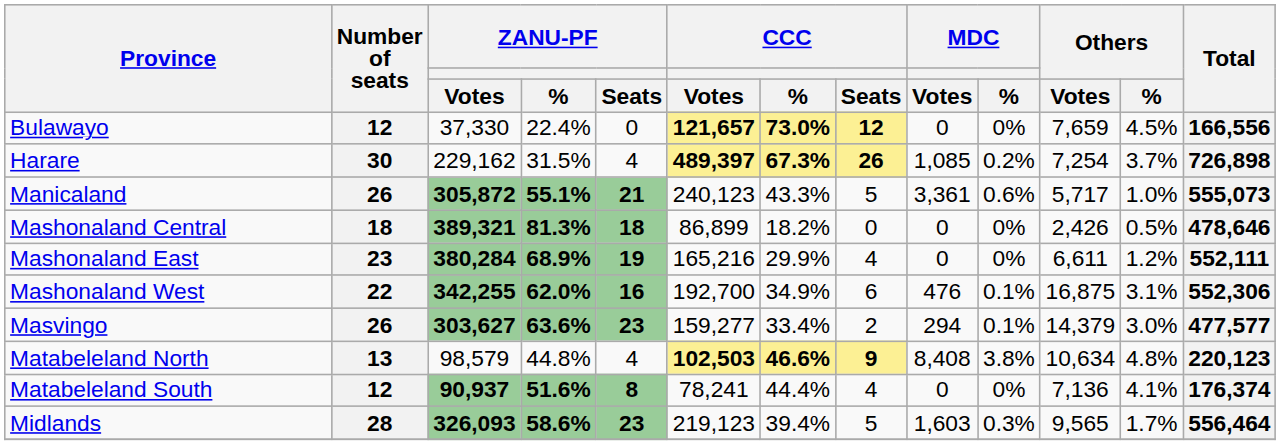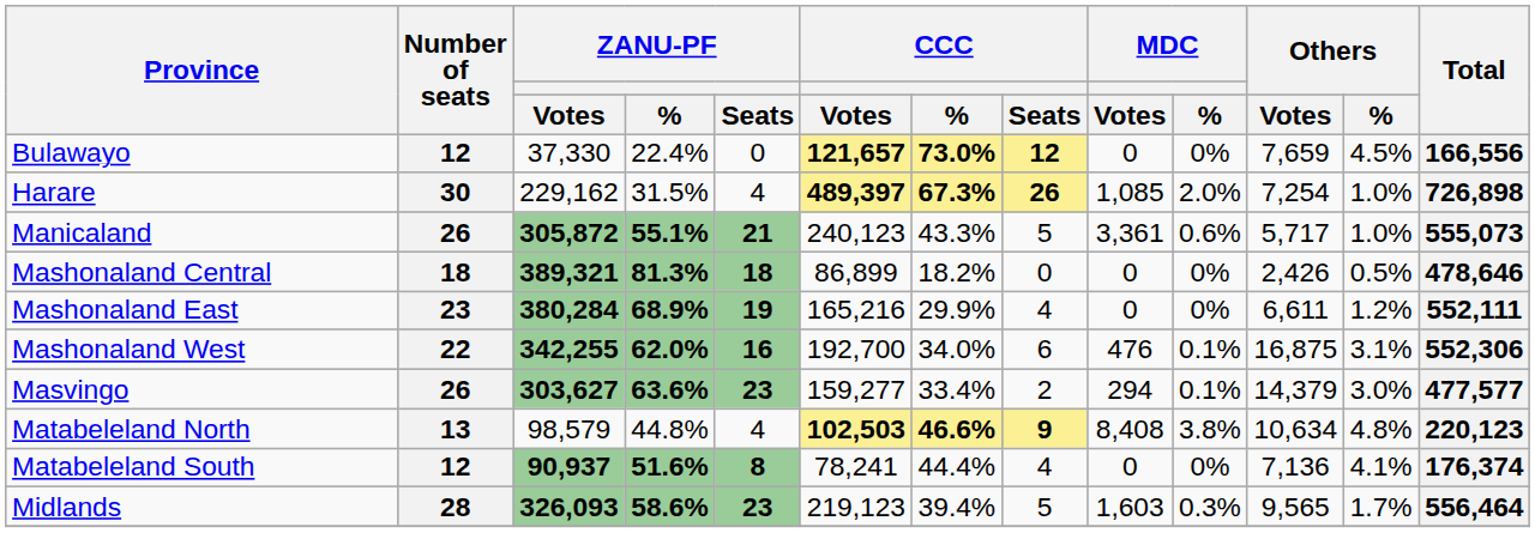 <table class="wikitable sortable sort-under" style="text-align:center;font-size:90%;line-height:14px">
 <tr style="height:40px;">
 <th style="width:200px;" rowspan="3"><a href='#'>Province</a></th>
 <th style="width:40px;"  rowspan="3">Number of<br>seats</th>
 <th style="width:40px;"  colspan="3"><a href='#'>ZANU-PF</a></th>
 <th style="width:40px;"  colspan="3"><a href='#'>CCC</a></th>
 <th style="width:40px;"  colspan="2"><a href='#'>MDC</a></th>
 <th style="width:40px;" colspan="2" rowspan="2">Others</th>
 <th style="width:40px;" rowspan="3">Total</th>
 </tr>
 <tr>
 <th colspan="3" style="background:"></th>
 <th colspan="3" style="background:"></th>
 <th colspan="2" style="background:"></th>
 </tr>
 <tr>
 <th>Votes</th>
 <th>%</th>
 <th>Seats</th>
 <th>Votes</th>
 <th>%</th>
 <th>Seats</th>
 <th>Votes</th>
 <th>%</th>
 <th>Votes</th>
 <th>%</th>
 </tr>
 <tr>
 <td align="left"><a href='#'>Bulawayo</a></td>
 <th>12</th>
 <td>37,330</td>
 <td>22.4%</td>
 <td>0</td>
 <th style="background:#fcf094;"><strong>121,657</strong></th>
 <th style="background:#fcf094;"><strong>73.0%</strong></th>
 <th style="background:#fcf094;"><strong>12</strong></th>
 <td>0</td>
 <td>0%</td>
 <td>7,659</td>
 <td>4.5%</td>
 <th>166,556</th>
 </tr>
 <tr>
 <td align="left"><a href='#'>Harare</a></td>
 <th>30</th>
 <td>229,162</td>
 <td>31.5%</td>
 <td>4</td>
 <th style="background:#fcf094;"><strong>489,397</strong></th>
 <th style="background:#fcf094;"><strong>67.3%</strong></th>
 <th style="background:#fcf094;"><strong>26</strong></th>
 <td>1,085</td>
-<td>0.2%</td>
+<td>2.0%</td>
 <td>7,254</td>
-<td>3.7%</td>
+<td>1.0%</td>
 <th>726,898</th>
 </tr>
 <tr>
 <td align="left"><a href='#'>Manicaland</a></td>
 <th>26</th>
 <th style="background:#99cc99;"><strong>305,872</strong></th>
 <th style="background:#99cc99;"><strong>55.1%</strong></th>
 <th style="background:#99cc99;"><strong>21</strong></th>
 <td>240,123</td>
 <td>43.3%</td>
 <td>5</td>
 <td>3,361</td>
 <td>0.6%</td>
 <td>5,717</td>
 <td>1.0%</td>
 <th>555,073</th>
 </tr>
 <tr>
 <td align="left"><a href='#'>Mashonaland Central</a></td>
 <th>18</th>
 <th style="background:#99cc99;"><strong>389,321</strong></th>
 <th style="background:#99cc99;"><strong>81.3%</strong></th>
 <th style="background:#99cc99;"><strong>18</strong></th>
 <td>86,899</td>
 <td>18.2%</td>
 <td>0</td>
 <td>0</td>
 <td>0%</td>
 <td>2,426</td>
 <td>0.5%</td>
 <th>478,646</th>
 </tr>
 <tr>
 <td align="left"><a href='#'>Mashonaland East</a></td>
 <th>23</th>
 <th style="background:#99cc99;"><strong>380,284</strong></th>
 <th style="background:#99cc99;"><strong>68.9%</strong></th>
 <th style="background:#99cc99;"><strong>19</strong></th>
 <td>165,216</td>
 <td>29.9%</td>
 <td>4</td>
 <td>0</td>
 <td>0%</td>
 <td>6,611</td>
 <td>1.2%</td>
 <th>552,111</th>
 </tr>
 <tr>
 <td align="left"><a href='#'>Mashonaland West</a></td>
 <th>22</th>
 <th style="background:#99cc99;"><strong>342,255</strong></th>
 <th style="background:#99cc99;"><strong>62.0%</strong></th>
 <th style="background:#99cc99;"><strong>16</strong></th>
 <td>192,700</td>
-<td>34.9%</td>
+<td>34.0%</td>
 <td>6</td>
 <td>476</td>
 <td>0.1%</td>
 <td>16,875</td>
 <td>3.1%</td>
 <th>552,306</th>
 </tr>
 <tr>
 <td align="left"><a href='#'>Masvingo</a></td>
 <th>26</th>
 <th style="background:#99cc99;"><strong>303,627</strong></th>
 <th style="background:#99cc99;"><strong>63.6%</strong></th>
 <th style="background:#99cc99;"><strong>23</strong></th>
 <td>159,277</td>
 <td>33.4%</td>
 <td>2</td>
 <td>294</td>
 <td>0.1%</td>
 <td>14,379</td>
 <td>3.0%</td>
 <th>477,577</th>
 </tr>
 <tr>
 <td align="left"><a href='#'>Matabeleland North</a></td>
 <th>13</th>
 <td>98,579</td>
 <td>44.8%</td>
 <td>4</td>
 <th style="background:#fcf094;"><strong>102,503</strong></th>
 <th style="background:#fcf094;"><strong>46.6%</strong></th>
 <th style="background:#fcf094;"><strong>9</strong></th>
 <td>8,408</td>
 <td>3.8%</td>
 <td>10,634</td>
 <td>4.8%</td>
 <th>220,123</th>
 </tr>
 <tr>
 <td align="left"><a href='#'>Matabeleland South</a></td>
 <th>12</th>
 <th style="background:#99cc99;"><strong>90,937</strong></th>
 <th style="background:#99cc99;"><strong>51.6%</strong></th>
 <th style="background:#99cc99;"><strong>8</strong></th>
 <td>78,241</td>
 <td>44.4%</td>
 <td>4</td>
 <td>0</td>
 <td>0%</td>
 <td>7,136</td>
 <td>4.1%</td>
 <th>176,374</th>
 </tr>
 <tr>
 <td align="left"><a href='#'>Midlands</a></td>
 <th>28</th>
 <th style="background:#99cc99;"><strong>326,093</strong></th>
 <th style="background:#99cc99;"><strong>58.6%</strong></th>
 <th style="background:#99cc99;"><strong>23</strong></th>
 <td>219,123</td>
 <td>39.4%</td>
 <td>5</td>
 <td>1,603</td>
 <td>0.3%</td>
 <td>9,565</td>
 <td>1.7%</td>
 <th>556,464</th>
 </tr>
 <tr>
 </tr>
 </table>
